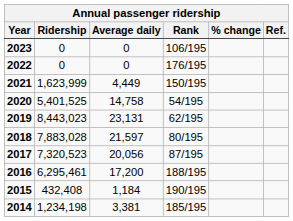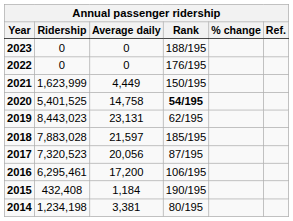 <table class="wikitable sortable" style="text-align:right;">
 <tr>
 <th colspan="6" style="background-color:#">Annual passenger ridership</th>
 </tr>
 <tr style="font-size:95%; text-align:center">
 <th style="border-bottom:1px solid black">Year</th>
 <th style="border-bottom:1px solid black">Ridership</th>
 <th style="border-bottom:1px solid black">Average daily</th>
 <th style="border-bottom:1px solid black">Rank</th>
 <th style="border-bottom:1px solid black">% change</th>
 <th style="border-bottom:1px solid black">Ref.</th>
 </tr>
 <tr style="text-align:center;">
 <td><strong>2023</strong></td>
 <td>0</td>
 <td>0</td>
-<td>106/195</td>
+<td>188/195</td>
 <td></td>
 <td></td>
 </tr>
 <tr style="text-align:center;">
 <td><strong>2022</strong></td>
 <td>0</td>
 <td>0</td>
 <td>176/195</td>
 <td></td>
 <td></td>
 </tr>
 <tr style="text-align:center;">
 <td><strong>2021</strong></td>
 <td>1,623,999</td>
 <td>4,449</td>
 <td>150/195</td>
 <td></td>
 <td></td>
 </tr>
 <tr style="text-align:center;">
 <td><strong>2020</strong></td>
 <td>5,401,525</td>
 <td>14,758</td>
-<td>54/195</td>
+<td><strong>54/195</strong></td>
 <td></td>
 <td></td>
 </tr>
 <tr style="text-align:center;">
 <td><strong>2019</strong></td>
 <td>8,443,023</td>
 <td>23,131</td>
 <td>62/195</td>
 <td></td>
 <td></td>
 </tr>
 <tr style="text-align:center;">
 <td><strong>2018</strong></td>
 <td>7,883,028</td>
 <td>21,597</td>
-<td>80/195</td>
+<td>185/195</td>
 <td></td>
 <td></td>
 </tr>
 <tr style="text-align:center;">
 <td><strong>2017</strong></td>
 <td>7,320,523</td>
 <td>20,056</td>
 <td>87/195</td>
 <td></td>
 <td></td>
 </tr>
 <tr style="text-align:center;">
 <td><strong>2016</strong></td>
 <td>6,295,461</td>
 <td>17,200</td>
-<td>188/195</td>
+<td>106/195</td>
 <td></td>
 <td></td>
 </tr>
 <tr style="text-align:center;">
 <td><strong>2015</strong></td>
 <td>432,408</td>
 <td>1,184</td>
 <td>190/195</td>
 <td></td>
 <td></td>
 </tr>
 <tr style="text-align:center;">
 <td><strong>2014</strong></td>
 <td>1,234,198</td>
 <td>3,381</td>
-<td>185/195</td>
+<td>80/195</td>
 <td></td>
 <td></td>
 </tr>
 </table>
